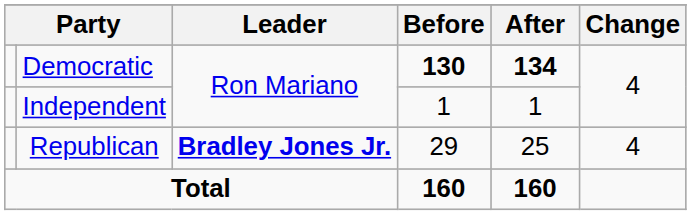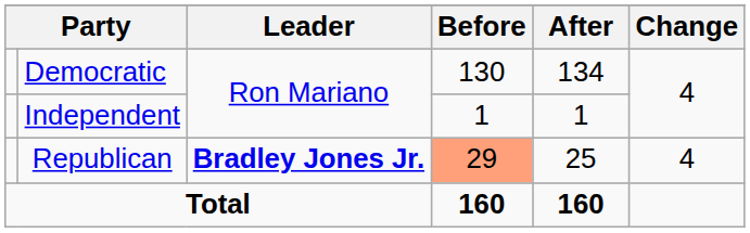 <table class="wikitable" style="text-align:center;">
 <tr>
 </tr>
 <tr>
 <th colspan=2>Party</th>
 <th>Leader</th>
 <th style="width:3em">Before</th>
 <th style="width:3em">After</th>
 <th style="width:3em">Change</th>
 </tr>
 <tr>
 <td style="background-color:"></td>
 <td style="text-align:left;"><a href='#'>Democratic</a></td>
 <td rowspan=2><a href='#'>Ron Mariano</a></td>
-<td><strong>130</strong></td>
-<td><strong>134</strong></td>
+<td>130</td>
+<td>134</td>
 <td rowspan=2>4</td>
 </tr>
 <tr>
 <td style="background-color:"></td>
 <td style="text-align:left;"><a href='#'>Independent</a></td>
 <td>1</td>
 <td>1</td>
 </tr>
 <tr>
 <td style="background-color:"></td>
 <td><a href='#'>Republican</a></td>
 <td><strong><a href='#'>Bradley Jones Jr.</a></strong></td>
-<td>29</td>
+<td style="background: lightsalmon;">29</td>
 <td>25</td>
 <td>4</td>
 </tr>
 <tr>
 <td colspan="3"><strong>Total</strong></td>
 <td><strong>160</strong></td>
 <td><strong>160</strong></td>
 <td></td>
 </tr>
 </table>
